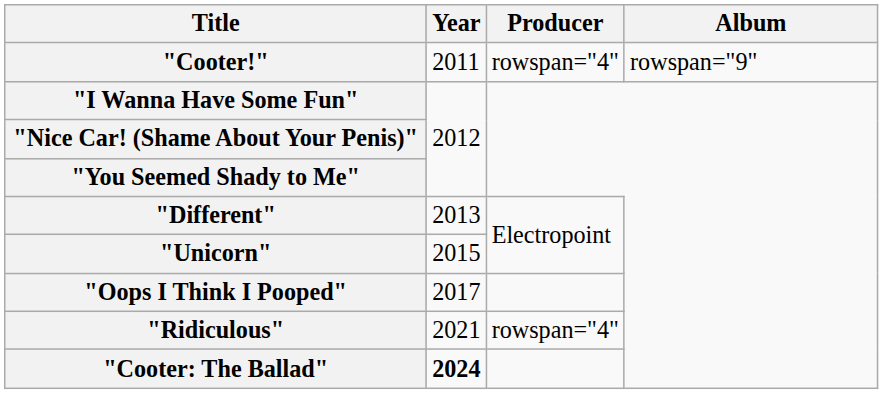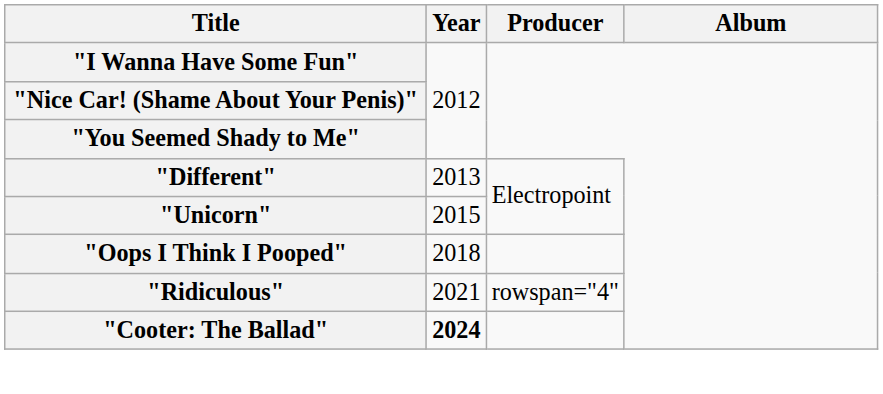 <table class="wikitable plainrowheaders" style="text-align:left;">
 <tr>
 <th scope="col" style="width:17em;">Title</th>
 <th scope="col">Year</th>
 <th scope="col">Producer</th>
 <th scope="col" style="width:10em;">Album</th>
-</tr>
-<tr>
-<th scope="row">"Cooter!"</th>
-<td>2011</td>
-<td>rowspan="4" </td>
-<td>rowspan="9" </td>
 </tr>
 <tr>
 <th scope="row">"I Wanna Have Some Fun"<br></th>
 <td rowspan="3">2012</td>
 </tr>
 <tr>
 <th scope="row">"Nice Car! (Shame About Your Penis)"<br></th>
 </tr>
 <tr>
 <th scope="row">"You Seemed Shady to Me"<br></th>
 </tr>
 <tr>
 <th scope="row">"Different"</th>
 <td>2013</td>
 <td rowspan="2">Electropoint</td>
 </tr>
 <tr>
 <th scope="row">"Unicorn"</th>
 <td>2015</td>
 </tr>
 <tr>
 <th scope="row">"Oops I Think I Pooped"</th>
-<td>2017</td>
+<td>2018</td>
 <td></td>
 </tr>
 <tr>
 <th scope="row">"Ridiculous" <br></th>
 <td>2021</td>
 <td>rowspan="4" </td>
 </tr>
 <tr>
 <th scope="row">"Cooter: The Ballad"</th>
 <td><strong>2024</strong></td>
 <td></td>
 </tr>
 </table>
